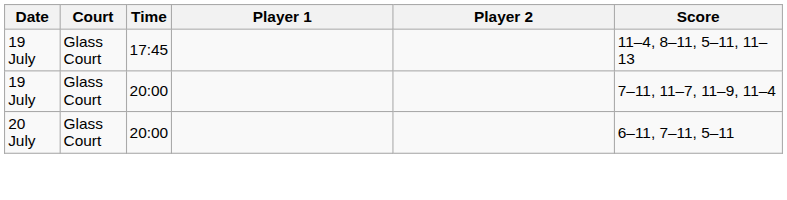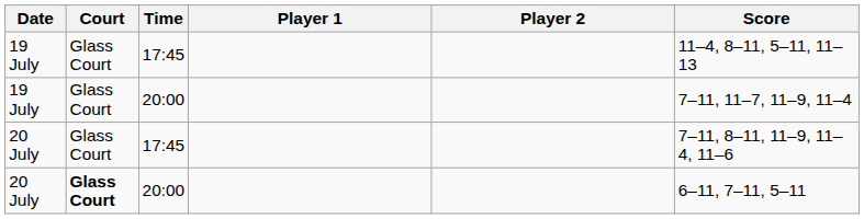 <table class="sortable wikitable" style="font-size:90%">
 <tr>
 <th width="45" class="unsortable">Date</th>
 <th width="55">Court</th>
 <th width="30">Time</th>
 <th width="200">Player 1</th>
 <th width="200">Player 2</th>
 <th width="150" class="unsortable">Score</th>
 </tr>
 <tr>
 <td>19 July</td>
 <td>Glass Court</td>
 <td>17:45</td>
 <td></td>
 <td><strong></strong></td>
 <td>11–4, 8–11, 5–11, 11–13</td>
 </tr>
 <tr>
 <td>19 July</td>
 <td>Glass Court</td>
 <td>20:00</td>
 <td><strong></strong></td>
 <td></td>
 <td>7–11, 11–7, 11–9, 11–4</td>
 </tr>
 <tr>
 <td>20 July</td>
 <td>Glass Court</td>
+<td>17:45</td>
+<td><strong></strong></td>
+<td></td>
+<td>7–11, 8–11, 11–9, 11–4, 11–6</td>
+</tr>
+<tr>
+<td>20 July</td>
+<td><strong>Glass Court</strong></td>
 <td>20:00</td>
 <td></td>
 <td><strong></strong></td>
 <td>6–11, 7–11, 5–11</td>
 </tr>
 </table>
